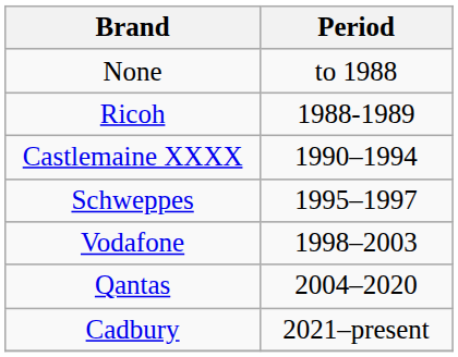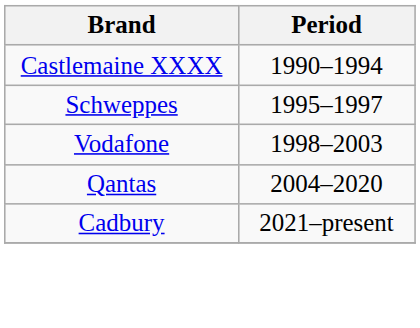 <table class="wikitable sticky-header" style="text-align:center; display:inline-table;">
 <tr>
 <th scope="col" style="width:8.9em;">Brand</th>
 <th scope="col" style="width:6.6em;">Period</th>
-</tr>
-<tr>
-<td>None</td>
-<td>to 1988</td>
-</tr>
-<tr>
-<td><a href='#'>Ricoh</a></td>
-<td>1988-1989</td>
 </tr>
 <tr>
 <td><a href='#'>Castlemaine XXXX</a></td>
 <td>1990–1994</td>
 </tr>
 <tr>
 <td><a href='#'>Schweppes</a></td>
 <td>1995–1997</td>
 </tr>
 <tr>
 <td><a href='#'>Vodafone</a></td>
 <td>1998–2003</td>
 </tr>
 <tr>
 <td><a href='#'>Qantas</a></td>
 <td>2004–2020</td>
 </tr>
 <tr>
 <td><a href='#'>Cadbury</a></td>
 <td>2021–present</td>
 </tr>
 <tr>
 </tr>
 </table>
